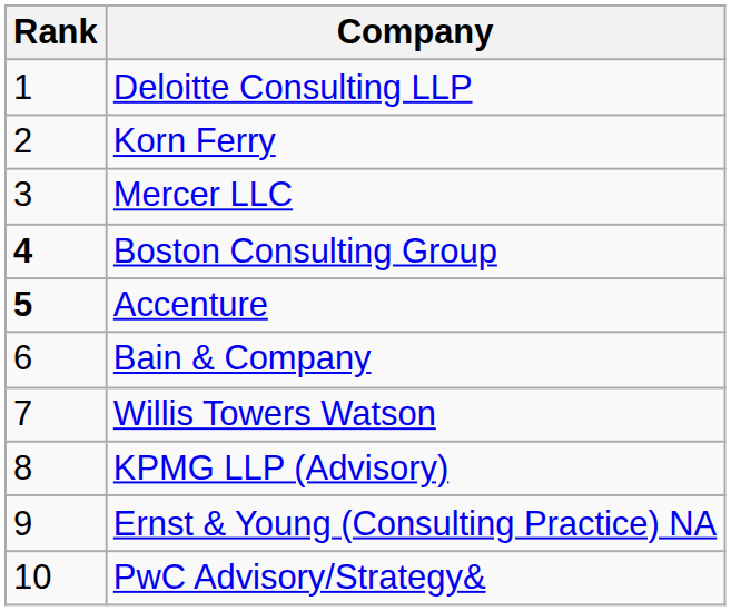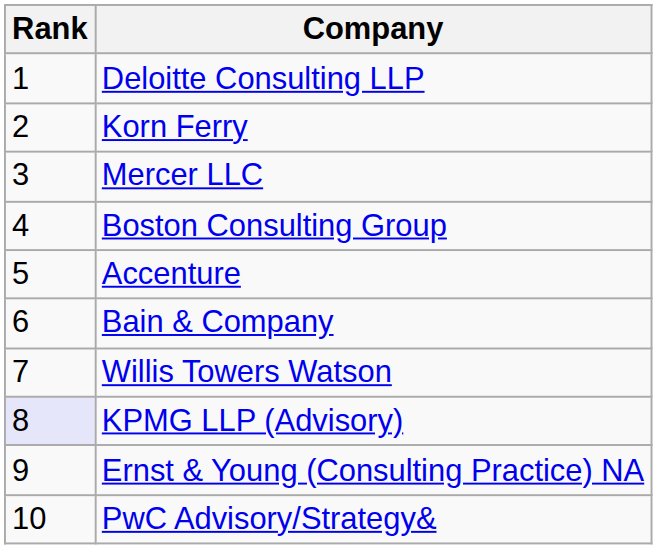 <table class="wikitable">
 <tr>
 <th>Rank</th>
 <th>Company</th>
 </tr>
 <tr>
 <td>1</td>
 <td><a href='#'>Deloitte Consulting LLP</a></td>
 </tr>
 <tr>
 <td>2</td>
 <td><a href='#'>Korn Ferry</a></td>
 </tr>
 <tr>
 <td>3</td>
 <td><a href='#'>Mercer LLC</a></td>
 </tr>
 <tr>
-<td><strong>4</strong></td>
+<td>4</td>
 <td><a href='#'>Boston Consulting Group</a></td>
 </tr>
 <tr>
-<td><strong>5</strong></td>
+<td>5</td>
 <td><a href='#'>Accenture</a></td>
 </tr>
 <tr>
 <td>6</td>
 <td><a href='#'>Bain & Company</a></td>
 </tr>
 <tr>
 <td>7</td>
 <td><a href='#'>Willis Towers Watson</a></td>
 </tr>
 <tr>
-<td>8</td>
+<td style="background: lavender;">8</td>
 <td><a href='#'>KPMG LLP (Advisory)</a></td>
 </tr>
 <tr>
 <td>9</td>
 <td><a href='#'>Ernst & Young (Consulting Practice) NA</a></td>
 </tr>
 <tr>
 <td>10</td>
 <td><a href='#'>PwC Advisory/Strategy&</a></td>
 </tr>
 </table>
